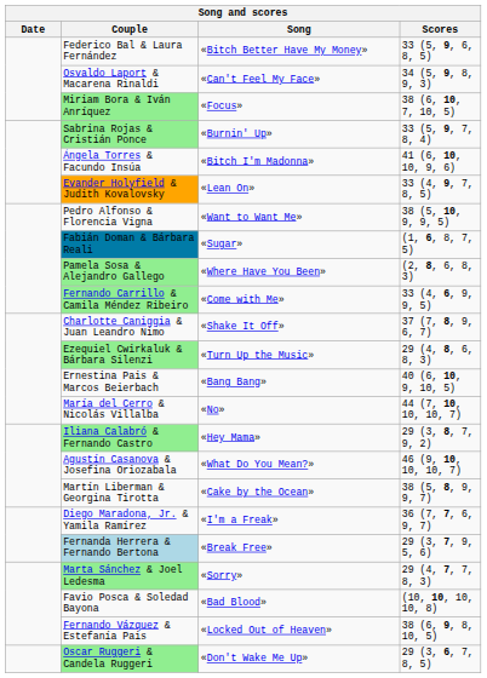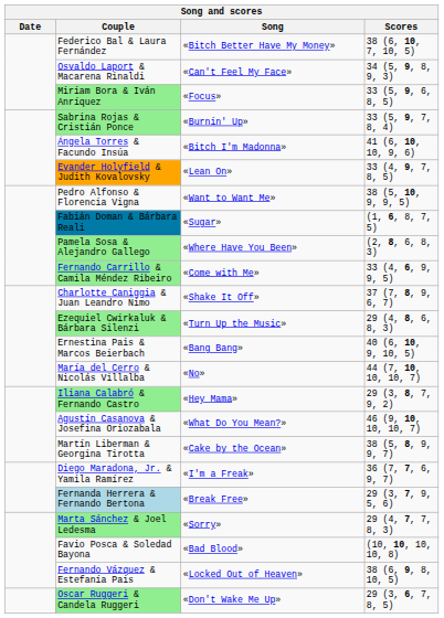 <table class="wikitable collapsible collapsed" style=" text-align: align; width: 100%;">
 <tr>
 <th colspan="11" style="with: 100%;" align="center">Song and scores</th>
 </tr>
 <tr>
 <th width=80>Date</th>
 <th width=210>Couple</th>
 <th width=330>Song</th>
 <th width=120>Scores</th>
 </tr>
 <tr>
 <td rowspan="3"></td>
 <td bgcolor="">Federico Bal & Laura Fernández</td>
 <td>«<a href='#'>Bitch Better Have My Money</a>» </td>
-<td>33 (5, <strong>9</strong>, 6, 8, 5)</td>
+<td>38 (6, <strong>10</strong>, 7, 10, 5)</td>
 </tr>
 <tr>
 <td bgcolor=""><a href='#'>Osvaldo Laport</a> & Macarena Rinaldi</td>
 <td>«<a href='#'>Can't Feel My Face</a>» </td>
 <td>34 (5, <strong>9</strong>, 8, 9, 3)</td>
 </tr>
 <tr>
 <td bgcolor="lightgreen">Miriam Bora & Iván Anríquez</td>
 <td>«<a href='#'>Focus</a>» </td>
-<td>38 (6, <strong>10</strong>, 7, 10, 5)</td>
+<td>33 (5, <strong>9</strong>, 6, 8, 5)</td>
 </tr>
 <tr>
 <td rowspan="3"></td>
 <td bgcolor="lightgreen">Sabrina Rojas & Cristián Ponce</td>
 <td>«<a href='#'>Burnin' Up</a>» </td>
 <td>33 (5, <strong>9</strong>, 7, 8, 4)</td>
 </tr>
 <tr>
 <td bgcolor=""><a href='#'>Ángela Torres</a> & Facundo Insúa</td>
 <td>«<a href='#'>Bitch I'm Madonna</a>» </td>
 <td>41 (6, <strong>10</strong>, 10, 9, 6)</td>
 </tr>
 <tr>
 <td bgcolor="orange"><a href='#'>Evander Holyfield</a> & Judith Kovalovsky</td>
 <td>«<a href='#'>Lean On</a>» </td>
 <td>33 (4, <strong>9</strong>, 7, 8, 5)</td>
 </tr>
 <tr>
 <td rowspan="4"></td>
 <td bgcolor="">Pedro Alfonso & Florencia Vigna</td>
 <td>«<a href='#'>Want to Want Me</a>» </td>
 <td>38 (5, <strong>10</strong>, 9, 9, 5)</td>
 </tr>
 <tr>
 <td bgcolor="#007BA7">Fabián Doman & Bárbara Reali</td>
 <td>«<a href='#'>Sugar</a>» </td>
 <td> (1, <strong>6</strong>, 8, 7, 5)</td>
 </tr>
 <tr>
 <td bgcolor="lightgreen">Pamela Sosa & Alejandro Gallego</td>
 <td>«<a href='#'>Where Have You Been</a>» </td>
 <td> (2, <strong>8</strong>, 6, 8, 3)</td>
 </tr>
 <tr>
 <td bgcolor="lightgreen"><a href='#'>Fernando Carrillo</a> & Camila Méndez Ribeiro</td>
 <td>«<a href='#'>Come with Me</a>» </td>
 <td>33 (4, <strong>6</strong>, 9, 9, 5)</td>
 </tr>
 <tr>
 <td rowspan="4"></td>
 <td bgcolor=""><a href='#'>Charlotte Caniggia</a> & Juan Leandro Nimo</td>
 <td>«<a href='#'>Shake It Off</a>» </td>
 <td>37 (7, <strong>8</strong>, 9, 6, 7)</td>
 </tr>
 <tr>
 <td bgcolor="lightgreen">Ezequiel Cwirkaluk & Bárbara Silenzi</td>
 <td>«<a href='#'>Turn Up the Music</a>» </td>
 <td>29 (4, <strong>8</strong>, 6, 8, 3)</td>
 </tr>
 <tr>
 <td bgcolor="">Ernestina Pais & Marcos Beierbach</td>
 <td>«<a href='#'>Bang Bang</a>» </td>
 <td>40 (6, <strong>10</strong>, 9, 10, 5)</td>
 </tr>
 <tr>
 <td bgcolor=""><a href='#'>María del Cerro</a> & Nicolás Villalba</td>
 <td>«<a href='#'>No</a>» </td>
 <td>44 (7, <strong>10</strong>, 10, 10, 7)</td>
 </tr>
 <tr>
 <td rowspan="3"></td>
 <td bgcolor="lightgreen"><a href='#'>Iliana Calabró</a> & Fernando Castro</td>
 <td>«<a href='#'>Hey Mama</a>» </td>
 <td>29 (3, <strong>8</strong>, 7, 9, 2)</td>
 </tr>
 <tr>
 <td bgcolor=""><a href='#'>Agustín Casanova</a> & Josefina Oriozabala</td>
 <td>«<a href='#'>What Do You Mean?</a>» </td>
 <td>46 (9, <strong>10</strong>, 10, 10, 7)</td>
 </tr>
 <tr>
 <td bgcolor="">Martín Liberman & Georgina Tirotta</td>
 <td>«<a href='#'>Cake by the Ocean</a>» </td>
 <td>38 (5, <strong>8</strong>, 9, 9, 7)</td>
 </tr>
 <tr>
 <td rowspan="2"></td>
 <td bgcolor=""><a href='#'>Diego Maradona, Jr.</a> & Yamila Ramírez</td>
 <td>«<a href='#'>I'm a Freak</a>» </td>
 <td>36 (7, <strong>7</strong>, 6, 9, 7)</td>
 </tr>
 <tr>
 <td bgcolor="lightblue">Fernanda Herrera & Fernando Bertona</td>
 <td>«<a href='#'>Break Free</a>» </td>
 <td>29 (3, <strong>7</strong>, 9, 5, 6)</td>
 </tr>
 <tr>
 <td rowspan="3"></td>
 <td bgcolor="lightgreen"><a href='#'>Marta Sánchez</a> & Joel Ledesma</td>
 <td>«<a href='#'>Sorry</a>» </td>
 <td>29 (4, <strong>7</strong>, 7, 8, 3)</td>
 </tr>
 <tr>
 <td bgcolor="">Favio Posca & Soledad Bayona</td>
 <td>«<a href='#'>Bad Blood</a>» </td>
 <td> (10, <strong>10</strong>, 10, 10, 8)</td>
 </tr>
 <tr>
 <td bgcolor=""><a href='#'>Fernando Vázquez</a> & Estefanía Pais</td>
 <td>«<a href='#'>Locked Out of Heaven</a>» </td>
 <td>38 (6, <strong>9</strong>, 8, 10, 5)</td>
 </tr>
 <tr>
 <td rowspan="1"></td>
 <td bgcolor="lightgreen"><a href='#'>Oscar Ruggeri</a> & Candela Ruggeri</td>
 <td>«<a href='#'>Don't Wake Me Up</a>» </td>
 <td>29 (3, <strong>6</strong>, 7, 8, 5)</td>
 </tr>
 </table>
